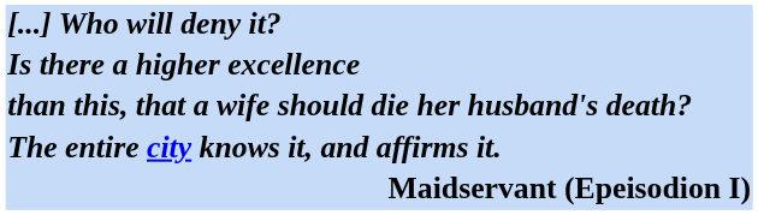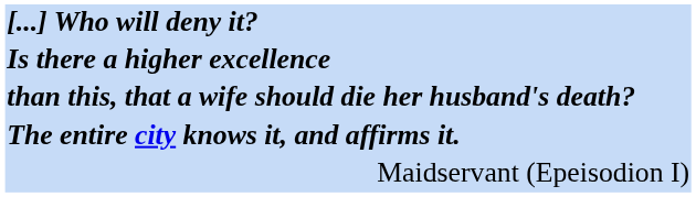 <table class="toccolours" style="float: right; margin-left: 1em; margin-right: 1em; font-size: 80%; background:#c6dbf7; color:black; width:35em; max-width: 35%;" cellspacing="0">
 <tr>
 <td style="text-align: left;"><strong><em>[...] Who will deny it?</em></strong></td>
 </tr>
 <tr>
 <td style="text-align:left;"><strong><em>Is there a higher excellence</em></strong></td>
 </tr>
 <tr>
 <td style="text-align:left;"><strong><em>than this, that a wife should die her husband's death?</em></strong></td>
 </tr>
 <tr>
 <td style="text-align:left;"><strong><em>The entire <a href='#'>city</a> knows it, and affirms it.</em></strong></td>
 </tr>
 <tr>
-<td style="text-align: right;"><strong>Maidservant (Epeisodion I)</strong></td>
+<td style="text-align: right;">Maidservant (Epeisodion I)</td>
 </tr>
 </table>
